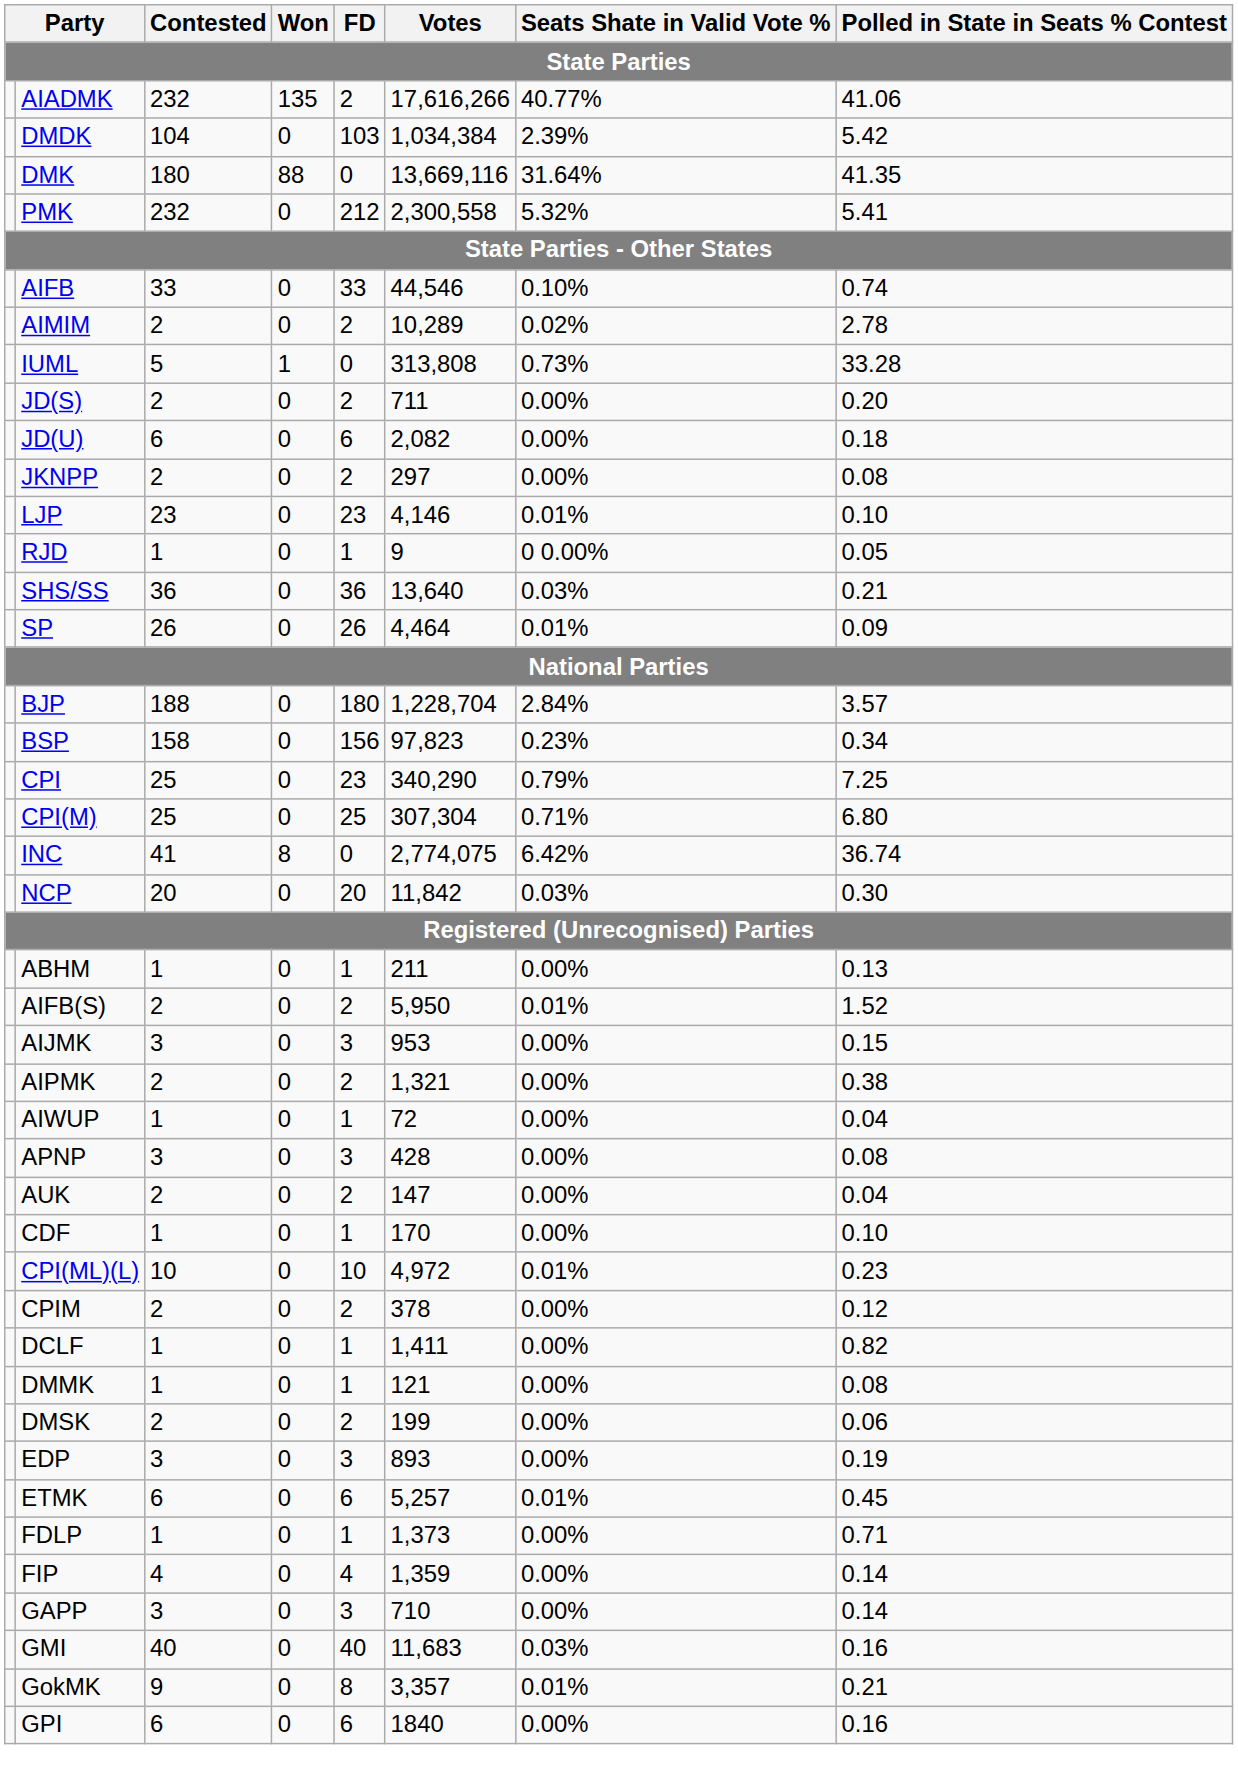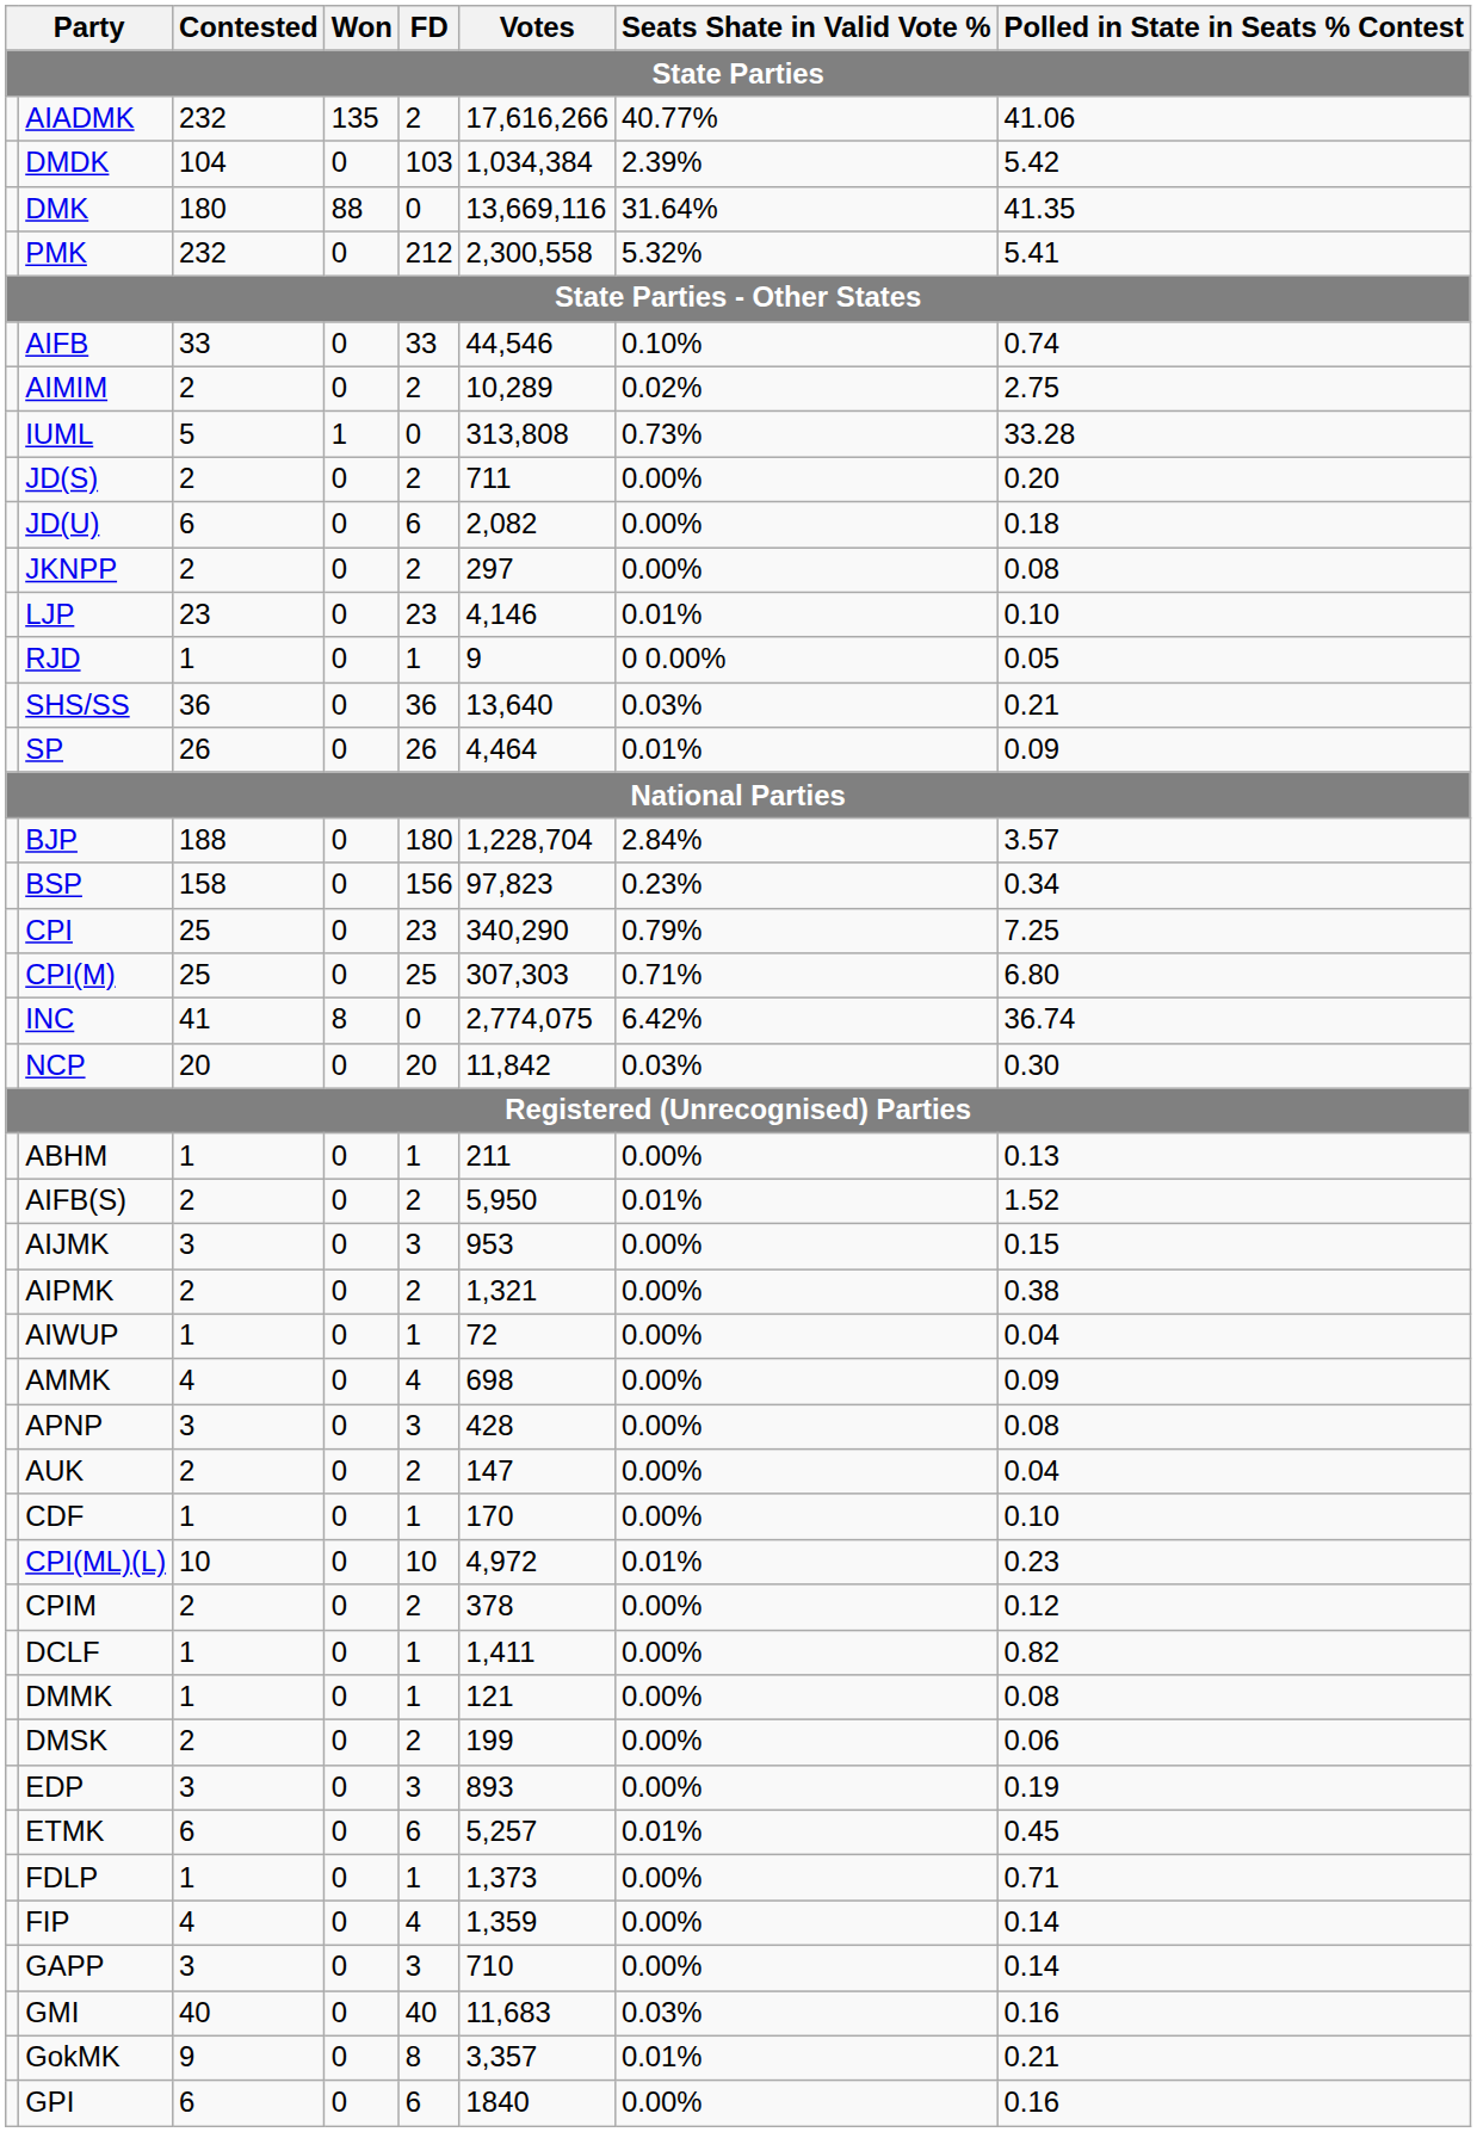 <table class="wikitable">
 <tr>
 <th colspan="2">Party</th>
 <th>Contested</th>
 <th>Won</th>
 <th>FD</th>
 <th>Votes</th>
 <th>Seats Shate in Valid Vote %</th>
 <th>Polled in State in Seats % Contest</th>
 </tr>
 <tr>
 <td colspan="8" style="text-align:center;background-color:grey;color:white;"><strong>State Parties</strong></td>
 </tr>
 <tr>
 <td></td>
 <td><a href='#'>AIADMK</a></td>
 <td>232</td>
 <td>135</td>
 <td>2</td>
 <td>17,616,266</td>
 <td>40.77%</td>
 <td>41.06</td>
 </tr>
 <tr>
 <td></td>
 <td><a href='#'>DMDK</a></td>
 <td>104</td>
 <td>0</td>
 <td>103</td>
 <td>1,034,384</td>
 <td>2.39%</td>
 <td>5.42</td>
 </tr>
 <tr>
 <td></td>
 <td><a href='#'>DMK</a></td>
 <td>180</td>
 <td>88</td>
 <td>0</td>
 <td>13,669,116</td>
 <td>31.64%</td>
 <td>41.35</td>
 </tr>
 <tr>
 <td></td>
 <td><a href='#'>PMK</a></td>
 <td>232</td>
 <td>0</td>
 <td>212</td>
 <td>2,300,558</td>
 <td>5.32%</td>
 <td>5.41</td>
 </tr>
 <tr>
 <td colspan="8" style="text-align:center;background-color:grey;color:white;"><strong>State Parties - Other States</strong></td>
 </tr>
 <tr>
 <td></td>
 <td><a href='#'>AIFB</a></td>
 <td>33</td>
 <td>0</td>
 <td>33</td>
 <td>44,546</td>
 <td>0.10%</td>
 <td>0.74</td>
 </tr>
 <tr>
 <td></td>
 <td><a href='#'>AIMIM</a></td>
 <td>2</td>
 <td>0</td>
 <td>2</td>
 <td>10,289</td>
 <td>0.02%</td>
-<td>2.78</td>
+<td>2.75</td>
 </tr>
 <tr>
 <td></td>
 <td><a href='#'>IUML</a></td>
 <td>5</td>
 <td>1</td>
 <td>0</td>
 <td>313,808</td>
 <td>0.73%</td>
 <td>33.28</td>
 </tr>
 <tr>
 <td></td>
 <td><a href='#'>JD(S)</a></td>
 <td>2</td>
 <td>0</td>
 <td>2</td>
 <td>711</td>
 <td>0.00%</td>
 <td>0.20</td>
 </tr>
 <tr>
 <td></td>
 <td><a href='#'>JD(U)</a></td>
 <td>6</td>
 <td>0</td>
 <td>6</td>
 <td>2,082</td>
 <td>0.00%</td>
 <td>0.18</td>
 </tr>
 <tr>
 <td></td>
 <td><a href='#'>JKNPP</a></td>
 <td>2</td>
 <td>0</td>
 <td>2</td>
 <td>297</td>
 <td>0.00%</td>
 <td>0.08</td>
 </tr>
 <tr>
 <td></td>
 <td><a href='#'>LJP</a></td>
 <td>23</td>
 <td>0</td>
 <td>23</td>
 <td>4,146</td>
 <td>0.01%</td>
 <td>0.10</td>
 </tr>
 <tr>
 <td></td>
 <td><a href='#'>RJD</a></td>
 <td>1</td>
 <td>0</td>
 <td>1</td>
 <td>9</td>
 <td>0 0.00%</td>
 <td>0.05</td>
 </tr>
 <tr>
 <td></td>
 <td><a href='#'>SHS/SS</a></td>
 <td>36</td>
 <td>0</td>
 <td>36</td>
 <td>13,640</td>
 <td>0.03%</td>
 <td>0.21</td>
 </tr>
 <tr>
 <td></td>
 <td><a href='#'>SP</a></td>
 <td>26</td>
 <td>0</td>
 <td>26</td>
 <td>4,464</td>
 <td>0.01%</td>
 <td>0.09</td>
 </tr>
 <tr>
 <td colspan="8" style="text-align:center;background-color:grey;color:white;"><strong>National Parties</strong></td>
 </tr>
 <tr>
 <td></td>
 <td><a href='#'>BJP</a></td>
 <td>188</td>
 <td>0</td>
 <td>180</td>
 <td>1,228,704</td>
 <td>2.84%</td>
 <td>3.57</td>
 </tr>
 <tr>
 <td></td>
 <td><a href='#'>BSP</a></td>
 <td>158</td>
 <td>0</td>
 <td>156</td>
 <td>97,823</td>
 <td>0.23%</td>
 <td>0.34</td>
 </tr>
 <tr>
 <td></td>
 <td><a href='#'>CPI</a></td>
 <td>25</td>
 <td>0</td>
 <td>23</td>
 <td>340,290</td>
 <td>0.79%</td>
 <td>7.25</td>
 </tr>
 <tr>
 <td></td>
 <td><a href='#'>CPI(M)</a></td>
 <td>25</td>
 <td>0</td>
 <td>25</td>
-<td>307,304</td>
+<td>307,303</td>
 <td>0.71%</td>
 <td>6.80</td>
 </tr>
 <tr>
 <td></td>
 <td><a href='#'>INC</a></td>
 <td>41</td>
 <td>8</td>
 <td>0</td>
 <td>2,774,075</td>
 <td>6.42%</td>
 <td>36.74</td>
 </tr>
 <tr>
 <td></td>
 <td><a href='#'>NCP</a></td>
 <td>20</td>
 <td>0</td>
 <td>20</td>
 <td>11,842</td>
 <td>0.03%</td>
 <td>0.30</td>
 </tr>
 <tr>
 <td colspan="8" style="text-align:center;background-color:grey;color:white;"><strong>Registered (Unrecognised) Parties</strong></td>
 </tr>
 <tr>
 <td></td>
 <td>ABHM</td>
 <td>1</td>
 <td>0</td>
 <td>1</td>
 <td>211</td>
 <td>0.00%</td>
 <td>0.13</td>
 </tr>
 <tr>
 <td></td>
 <td>AIFB(S)</td>
 <td>2</td>
 <td>0</td>
 <td>2</td>
 <td>5,950</td>
 <td>0.01%</td>
 <td>1.52</td>
 </tr>
 <tr>
 <td></td>
 <td>AIJMK</td>
 <td>3</td>
 <td>0</td>
 <td>3</td>
 <td>953</td>
 <td>0.00%</td>
 <td>0.15</td>
 </tr>
 <tr>
 <td></td>
 <td>AIPMK</td>
 <td>2</td>
 <td>0</td>
 <td>2</td>
 <td>1,321</td>
 <td>0.00%</td>
 <td>0.38</td>
 </tr>
 <tr>
 <td></td>
 <td>AIWUP</td>
 <td>1</td>
 <td>0</td>
 <td>1</td>
 <td>72</td>
 <td>0.00%</td>
 <td>0.04</td>
+</tr>
+<tr>
+<td></td>
+<td>AMMK</td>
+<td>4</td>
+<td>0</td>
+<td>4</td>
+<td>698</td>
+<td>0.00%</td>
+<td>0.09</td>
 </tr>
 <tr>
 <td></td>
 <td>APNP</td>
 <td>3</td>
 <td>0</td>
 <td>3</td>
 <td>428</td>
 <td>0.00%</td>
 <td>0.08</td>
 </tr>
 <tr>
 <td></td>
 <td>AUK</td>
 <td>2</td>
 <td>0</td>
 <td>2</td>
 <td>147</td>
 <td>0.00%</td>
 <td>0.04</td>
 </tr>
 <tr>
 <td></td>
 <td>CDF</td>
 <td>1</td>
 <td>0</td>
 <td>1</td>
 <td>170</td>
 <td>0.00%</td>
 <td>0.10</td>
 </tr>
 <tr>
 <td></td>
 <td><a href='#'>CPI(ML)(L)</a></td>
 <td>10</td>
 <td>0</td>
 <td>10</td>
 <td>4,972</td>
 <td>0.01%</td>
 <td>0.23</td>
 </tr>
 <tr>
 <td></td>
 <td>CPIM</td>
 <td>2</td>
 <td>0</td>
 <td>2</td>
 <td>378</td>
 <td>0.00%</td>
 <td>0.12</td>
 </tr>
 <tr>
 <td></td>
 <td>DCLF</td>
 <td>1</td>
 <td>0</td>
 <td>1</td>
 <td>1,411</td>
 <td>0.00%</td>
 <td>0.82</td>
 </tr>
 <tr>
 <td></td>
 <td>DMMK</td>
 <td>1</td>
 <td>0</td>
 <td>1</td>
 <td>121</td>
 <td>0.00%</td>
 <td>0.08</td>
 </tr>
 <tr>
 <td></td>
 <td>DMSK</td>
 <td>2</td>
 <td>0</td>
 <td>2</td>
 <td>199</td>
 <td>0.00%</td>
 <td>0.06</td>
 </tr>
 <tr>
 <td></td>
 <td>EDP</td>
 <td>3</td>
 <td>0</td>
 <td>3</td>
 <td>893</td>
 <td>0.00%</td>
 <td>0.19</td>
 </tr>
 <tr>
 <td></td>
 <td>ETMK</td>
 <td>6</td>
 <td>0</td>
 <td>6</td>
 <td>5,257</td>
 <td>0.01%</td>
 <td>0.45</td>
 </tr>
 <tr>
 <td></td>
 <td>FDLP</td>
 <td>1</td>
 <td>0</td>
 <td>1</td>
 <td>1,373</td>
 <td>0.00%</td>
 <td>0.71</td>
 </tr>
 <tr>
 <td></td>
 <td>FIP</td>
 <td>4</td>
 <td>0</td>
 <td>4</td>
 <td>1,359</td>
 <td>0.00%</td>
 <td>0.14</td>
 </tr>
 <tr>
 <td></td>
 <td>GAPP</td>
 <td>3</td>
 <td>0</td>
 <td>3</td>
 <td>710</td>
 <td>0.00%</td>
 <td>0.14</td>
 </tr>
 <tr>
 <td></td>
 <td>GMI</td>
 <td>40</td>
 <td>0</td>
 <td>40</td>
 <td>11,683</td>
 <td>0.03%</td>
 <td>0.16</td>
 </tr>
 <tr>
 <td></td>
 <td>GokMK</td>
 <td>9</td>
 <td>0</td>
 <td>8</td>
 <td>3,357</td>
 <td>0.01%</td>
 <td>0.21</td>
 </tr>
 <tr>
 <td></td>
 <td>GPI</td>
 <td>6</td>
 <td>0</td>
 <td>6</td>
 <td>1840</td>
 <td>0.00%</td>
 <td>0.16</td>
 </tr>
 </table>
